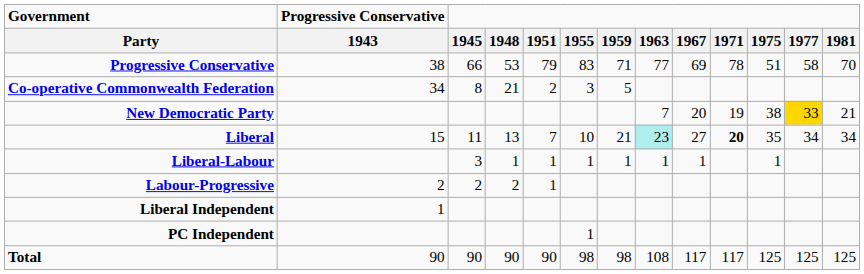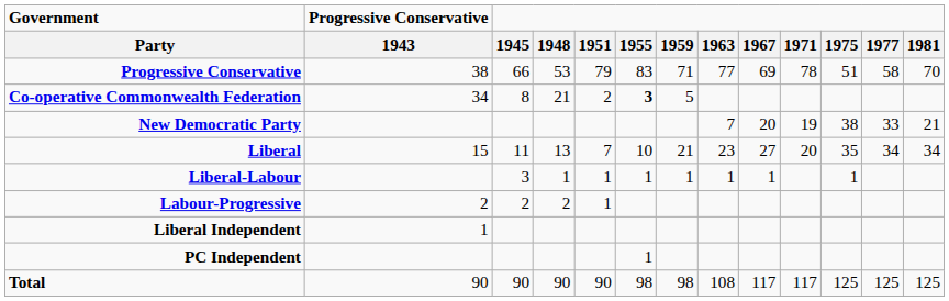 <table class="wikitable">
 <tr>
 <td><strong>Government</strong></td>
 <td><strong>Progressive Conservative</strong></td>
 </tr>
 <tr>
 <th>Party</th>
 <th>1943</th>
 <th>1945</th>
 <th>1948</th>
 <th>1951</th>
 <th>1955</th>
 <th>1959</th>
 <th>1963</th>
 <th>1967</th>
 <th>1971</th>
 <th>1975</th>
 <th>1977</th>
 <th>1981</th>
 </tr>
 <tr align = "right">
 <td><strong><a href='#'>Progressive Conservative</a></strong></td>
 <td>38</td>
 <td>66</td>
 <td>53</td>
 <td>79</td>
 <td>83</td>
 <td>71</td>
 <td>77</td>
 <td>69</td>
 <td>78</td>
 <td>51</td>
 <td>58</td>
 <td>70</td>
 </tr>
 <tr align = "right">
 <td><strong><a href='#'>Co-operative Commonwealth Federation</a></strong></td>
 <td>34</td>
 <td>8</td>
 <td>21</td>
 <td>2</td>
-<td>3</td>
+<td><strong>3</strong></td>
 <td>5</td>
 <td></td>
 <td></td>
 <td></td>
 <td></td>
 <td></td>
 <td></td>
 </tr>
 <tr align = "right">
 <td><strong><a href='#'>New Democratic Party</a></strong></td>
 <td></td>
 <td></td>
 <td></td>
 <td></td>
 <td></td>
 <td></td>
 <td>7</td>
 <td>20</td>
 <td>19</td>
 <td>38</td>
-<td style="background: gold;">33</td>
+<td>33</td>
 <td>21</td>
 </tr>
 <tr align = "right">
 <td><strong><a href='#'>Liberal</a></strong></td>
 <td>15</td>
 <td>11</td>
 <td>13</td>
 <td>7</td>
 <td>10</td>
 <td>21</td>
-<td style="background: paleturquoise;">23</td>
+<td>23</td>
 <td>27</td>
-<td><strong>20</strong></td>
+<td>20</td>
 <td>35</td>
 <td>34</td>
 <td>34</td>
 </tr>
 <tr align = "right">
 <td><strong><a href='#'>Liberal-Labour</a></strong></td>
 <td></td>
 <td>3</td>
 <td>1</td>
 <td>1</td>
 <td>1</td>
 <td>1</td>
 <td>1</td>
 <td>1</td>
 <td></td>
 <td>1</td>
 <td></td>
 <td></td>
 </tr>
 <tr align = "right">
 <td><strong><a href='#'>Labour-Progressive</a></strong></td>
 <td>2</td>
 <td>2</td>
 <td>2</td>
 <td>1</td>
 <td></td>
 <td></td>
 <td></td>
 <td></td>
 <td></td>
 <td></td>
 <td></td>
 <td></td>
 </tr>
 <tr align = "right">
 <td><strong>Liberal Independent</strong></td>
 <td>1</td>
 <td></td>
 <td></td>
 <td></td>
 <td></td>
 <td></td>
 <td></td>
 <td></td>
 <td></td>
 <td></td>
 <td></td>
 <td></td>
 </tr>
 <tr align = "right">
 <td><strong>PC Independent</strong></td>
 <td></td>
 <td></td>
 <td></td>
 <td></td>
 <td>1</td>
 <td></td>
 <td></td>
 <td></td>
 <td></td>
 <td></td>
 <td></td>
 <td></td>
 </tr>
 <tr align = "right">
 <td align="left"><strong>Total</strong></td>
 <td>90</td>
 <td>90</td>
 <td>90</td>
 <td>90</td>
 <td>98</td>
 <td>98</td>
 <td>108</td>
 <td>117</td>
 <td>117</td>
 <td>125</td>
 <td>125</td>
 <td>125</td>
 </tr>
 </table>
